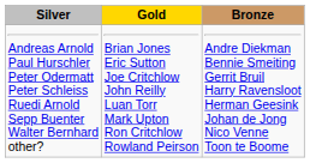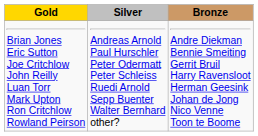 <table class="wikitable">
 <tr>
+<td style="text-align:center;background-color:gold;"><strong>Gold</strong></td>
 <td style="text-align:center;background-color:silver;"><strong>Silver</strong></td>
-<td style="text-align:center;background-color:gold;"><strong>Gold</strong></td>
 <td style="text-align:center;background-color:#CC9966;"><strong>Bronze</strong></td>
 </tr>
 <tr>
+<td><hr><a href='#'>Brian Jones</a><br><a href='#'>Eric Sutton</a><br><a href='#'>Joe Critchlow</a><br><a href='#'>John Reilly</a><br><a href='#'>Luan Torr</a><br><a href='#'>Mark Upton</a><br><a href='#'>Ron Critchlow</a><br><a href='#'>Rowland Peirson</a><br></td>
 <td><hr><a href='#'>Andreas Arnold</a><br><a href='#'>Paul Hurschler</a><br><a href='#'>Peter Odermatt</a><br><a href='#'>Peter Schleiss</a><br><a href='#'>Ruedi Arnold</a><br><a href='#'>Sepp Buenter</a><br><a href='#'>Walter Bernhard</a><br>other?<br></td>
-<td><hr><a href='#'>Brian Jones</a><br><a href='#'>Eric Sutton</a><br><a href='#'>Joe Critchlow</a><br><a href='#'>John Reilly</a><br><a href='#'>Luan Torr</a><br><a href='#'>Mark Upton</a><br><a href='#'>Ron Critchlow</a><br><a href='#'>Rowland Peirson</a><br></td>
 <td><hr><a href='#'>Andre Diekman</a><br><a href='#'>Bennie Smeiting</a><br><a href='#'>Gerrit Bruil</a><br><a href='#'>Harry Ravensloot</a><br><a href='#'>Herman Geesink</a><br><a href='#'>Johan de Jong</a><br><a href='#'>Nico Venne</a><br><a href='#'>Toon te Boome</a><br></td>
 </tr>
 </table>
